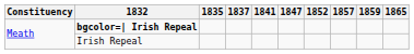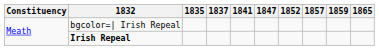 <table class=wikitable sortable>
 <tr>
 <th>Constituency</th>
 <th>1832</th>
 <th>1835</th>
 <th>1837</th>
 <th>1841</th>
 <th>1847</th>
 <th>1852</th>
 <th>1857</th>
 <th>1859</th>
 <th>1865</th>
 </tr>
 <tr>
 <td rowspan=2><a href='#'>Meath</a></td>
-<td align=center><strong>bgcolor=| Irish Repeal</strong></td>
+<td align=center>bgcolor=| Irish Repeal</td>
 <td></td>
 <td></td>
 <td></td>
 <td></td>
 <td></td>
 <td></td>
 <td></td>
 <td></td>
 </tr>
 <tr>
-<td bgcolor=>Irish Repeal</td>
+<td bgcolor=><strong>Irish Repeal</strong></td>
 <td></td>
 <td></td>
 <td></td>
 <td></td>
 <td></td>
 <td></td>
 <td></td>
 <td></td>
 </tr>
 </table>
